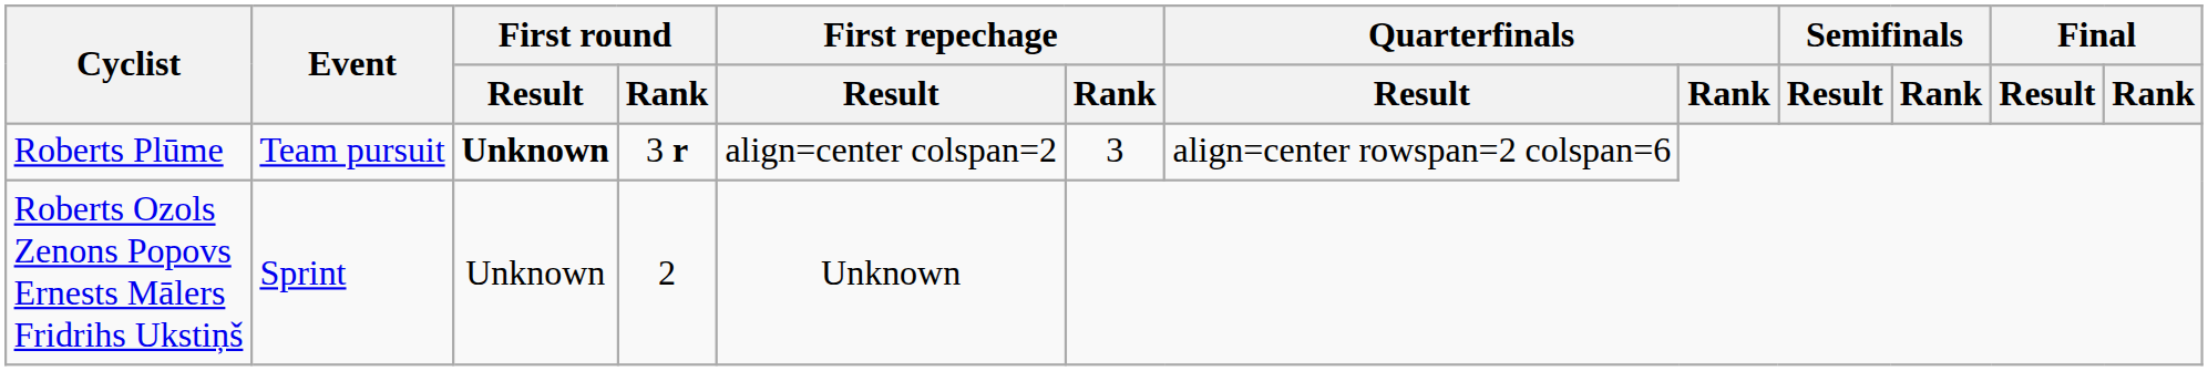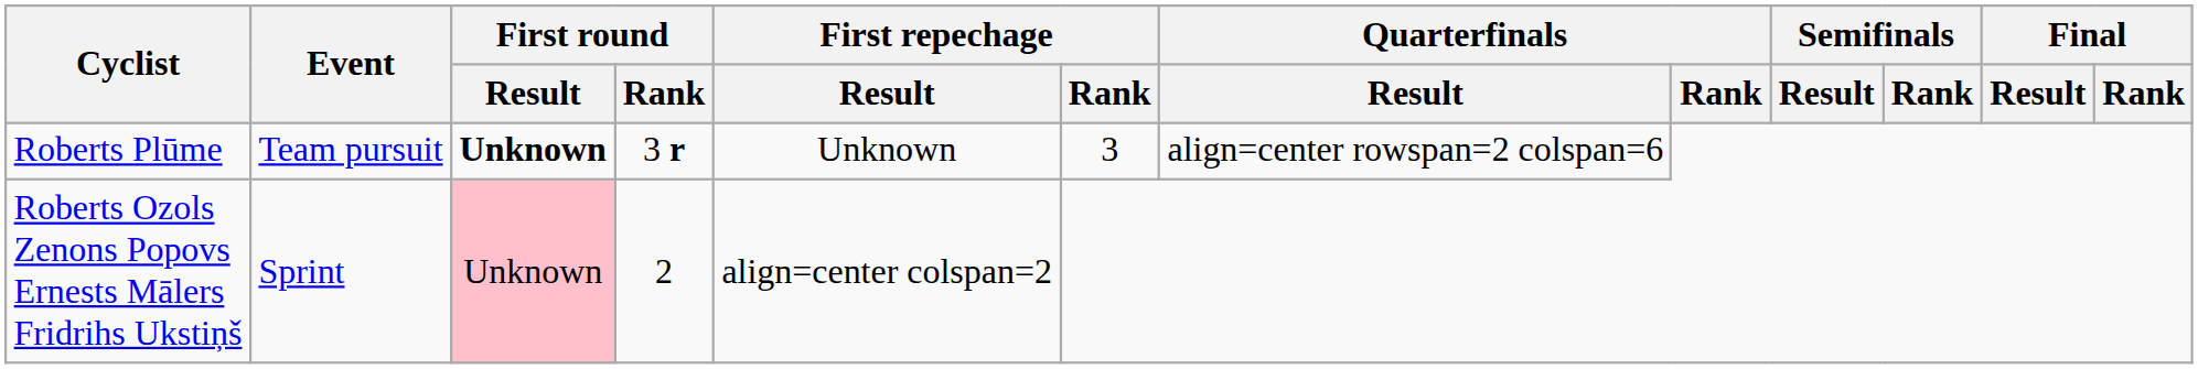 <table class=wikitable style="font-size:90%">
 <tr>
 <th rowspan=2>Cyclist</th>
 <th rowspan=2>Event</th>
 <th colspan=2>First round</th>
 <th colspan=2>First repechage</th>
 <th colspan=2>Quarterfinals</th>
 <th colspan=2>Semifinals</th>
 <th colspan=2>Final</th>
 </tr>
 <tr>
 <th>Result</th>
 <th>Rank</th>
 <th>Result</th>
 <th>Rank</th>
 <th>Result</th>
 <th>Rank</th>
 <th>Result</th>
 <th>Rank</th>
 <th>Result</th>
 <th>Rank</th>
 </tr>
 <tr>
 <td><a href='#'>Roberts Plūme</a></td>
 <td><a href='#'>Team pursuit</a></td>
 <td align=center><strong>Unknown</strong></td>
 <td align=center>3 <strong>r</strong></td>
-<td>align=center colspan=2 </td>
+<td align=center>Unknown</td>
 <td align=center>3</td>
 <td>align=center rowspan=2 colspan=6 </td>
 </tr>
 <tr>
 <td><a href='#'>Roberts Ozols</a> <br> <a href='#'>Zenons Popovs</a> <br> <a href='#'>Ernests Mālers</a> <br> <a href='#'>Fridrihs Ukstiņš</a></td>
 <td><a href='#'>Sprint</a></td>
-<td align=center>Unknown</td>
+<td align=center style="background: pink;">Unknown</td>
 <td align=center>2</td>
-<td align=center>Unknown</td>
+<td>align=center colspan=2 </td>
 </tr>
 </table>
